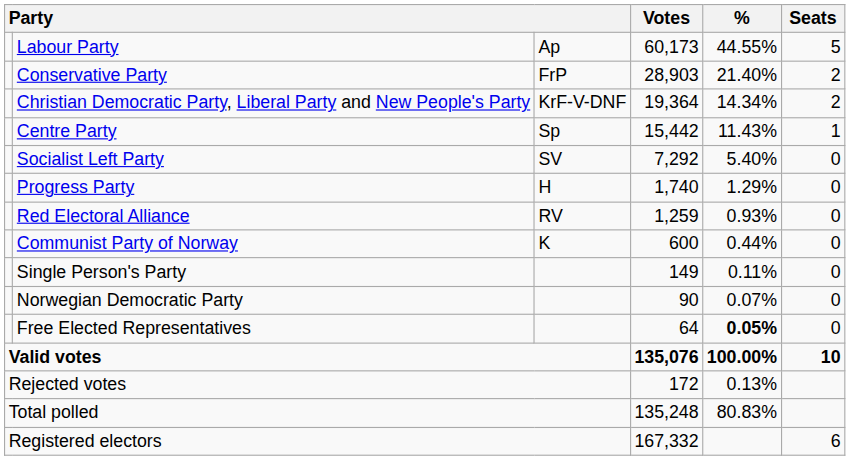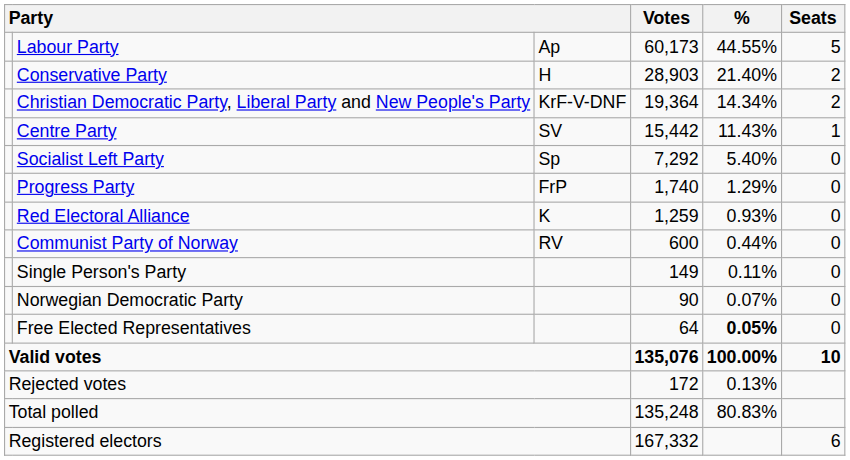 <table class="wikitable" border="1" style="text-align:right;">
 <tr>
 <th style="text-align:left;" colspan=3>Party</th>
 <th align=center width="50">Votes</th>
 <th align=center width="50">%</th>
 <th align=center width="50">Seats</th>
 </tr>
 <tr>
 <td style="color:inherit;background:"></td>
 <td align=left><a href='#'>Labour Party</a></td>
 <td align=left>Ap</td>
 <td>60,173</td>
 <td>44.55%</td>
 <td>5</td>
 </tr>
 <tr>
 <td style="color:inherit;background:"></td>
 <td align=left><a href='#'>Conservative Party</a></td>
-<td align=left>FrP</td>
+<td align=left>H</td>
 <td>28,903</td>
 <td>21.40%</td>
 <td>2</td>
 </tr>
 <tr>
 <td></td>
 <td align=left><a href='#'>Christian Democratic Party</a>, <a href='#'>Liberal Party</a> and <a href='#'>New People's Party</a></td>
 <td align=left>KrF-V-DNF</td>
 <td>19,364</td>
 <td>14.34%</td>
 <td>2</td>
 </tr>
 <tr>
 <td style="color:inherit;background:"></td>
 <td align=left><a href='#'>Centre Party</a></td>
-<td align=left>Sp</td>
+<td align=left>SV</td>
 <td>15,442</td>
 <td>11.43%</td>
 <td>1</td>
 </tr>
 <tr>
 <td style="color:inherit;background:"></td>
 <td align=left><a href='#'>Socialist Left Party</a></td>
-<td align=left>SV</td>
+<td align=left>Sp</td>
 <td>7,292</td>
 <td>5.40%</td>
 <td>0</td>
 </tr>
 <tr>
 <td style="color:inherit;background:"></td>
 <td align=left><a href='#'>Progress Party</a></td>
-<td align=left>H</td>
+<td align=left>FrP</td>
 <td>1,740</td>
 <td>1.29%</td>
 <td>0</td>
 </tr>
 <tr>
 <td style="color:inherit;background:"></td>
 <td align=left><a href='#'>Red Electoral Alliance</a></td>
-<td align=left>RV</td>
+<td align=left>K</td>
 <td>1,259</td>
 <td>0.93%</td>
 <td>0</td>
 </tr>
 <tr>
 <td style="color:inherit;background:"></td>
 <td align=left><a href='#'>Communist Party of Norway</a></td>
-<td align=left>K</td>
+<td align=left>RV</td>
 <td>600</td>
 <td>0.44%</td>
 <td>0</td>
 </tr>
 <tr>
 <td></td>
 <td align=left>Single Person's Party</td>
 <td align=left></td>
 <td>149</td>
 <td>0.11%</td>
 <td>0</td>
 </tr>
 <tr>
 <td></td>
 <td align=left>Norwegian Democratic Party</td>
 <td align=left></td>
 <td>90</td>
 <td>0.07%</td>
 <td>0</td>
 </tr>
 <tr>
 <td></td>
 <td align=left>Free Elected Representatives</td>
 <td align=left></td>
 <td>64</td>
 <td><strong>0.05%</strong></td>
 <td>0</td>
 </tr>
 <tr style="font-weight:bold">
 <td align=left colspan=3>Valid votes</td>
 <td>135,076</td>
 <td>100.00%</td>
 <td>10</td>
 </tr>
 <tr>
 <td align=left colspan=3>Rejected votes</td>
 <td>172</td>
 <td>0.13%</td>
 <td></td>
 </tr>
 <tr>
 <td align=left colspan=3>Total polled</td>
 <td>135,248</td>
 <td>80.83%</td>
 <td></td>
 </tr>
 <tr>
 <td align=left colspan=3>Registered electors</td>
 <td>167,332</td>
 <td></td>
 <td>6</td>
 </tr>
 </table>
